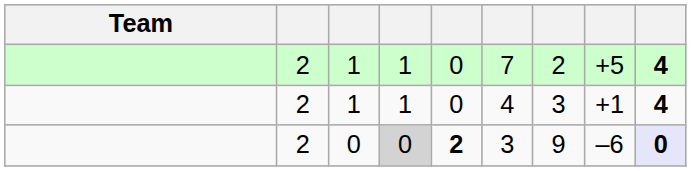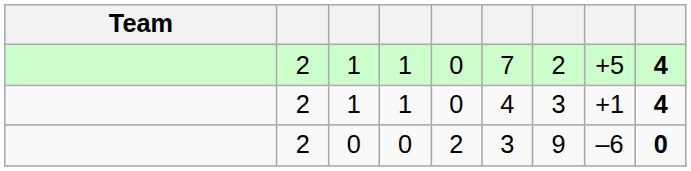 <table class="wikitable" style="text-align: center;">
 <tr>
 <th width="165">Team</th>
 <th width="25"></th>
 <th width="25"></th>
 <th width="25"></th>
 <th width="25"></th>
 <th width="25"></th>
 <th width="25"></th>
 <th width="25"></th>
 <th width="25"></th>
 </tr>
 <tr bgcolor="#ccffcc">
 <td align="left"></td>
 <td>2</td>
 <td>1</td>
 <td>1</td>
 <td>0</td>
 <td>7</td>
 <td>2</td>
 <td>+5</td>
 <td><strong>4</strong></td>
 </tr>
 <tr>
 <td align="left"></td>
 <td>2</td>
 <td>1</td>
 <td>1</td>
 <td>0</td>
 <td>4</td>
 <td>3</td>
 <td>+1</td>
 <td><strong>4</strong></td>
 </tr>
 <tr>
 <td align="left"></td>
 <td>2</td>
 <td>0</td>
-<td style="background: lightgrey;">0</td>
-<td><strong>2</strong></td>
+<td>0</td>
+<td>2</td>
 <td>3</td>
 <td>9</td>
 <td>–6</td>
-<td style="background: lavender;"><strong>0</strong></td>
+<td><strong>0</strong></td>
 </tr>
 </table>
